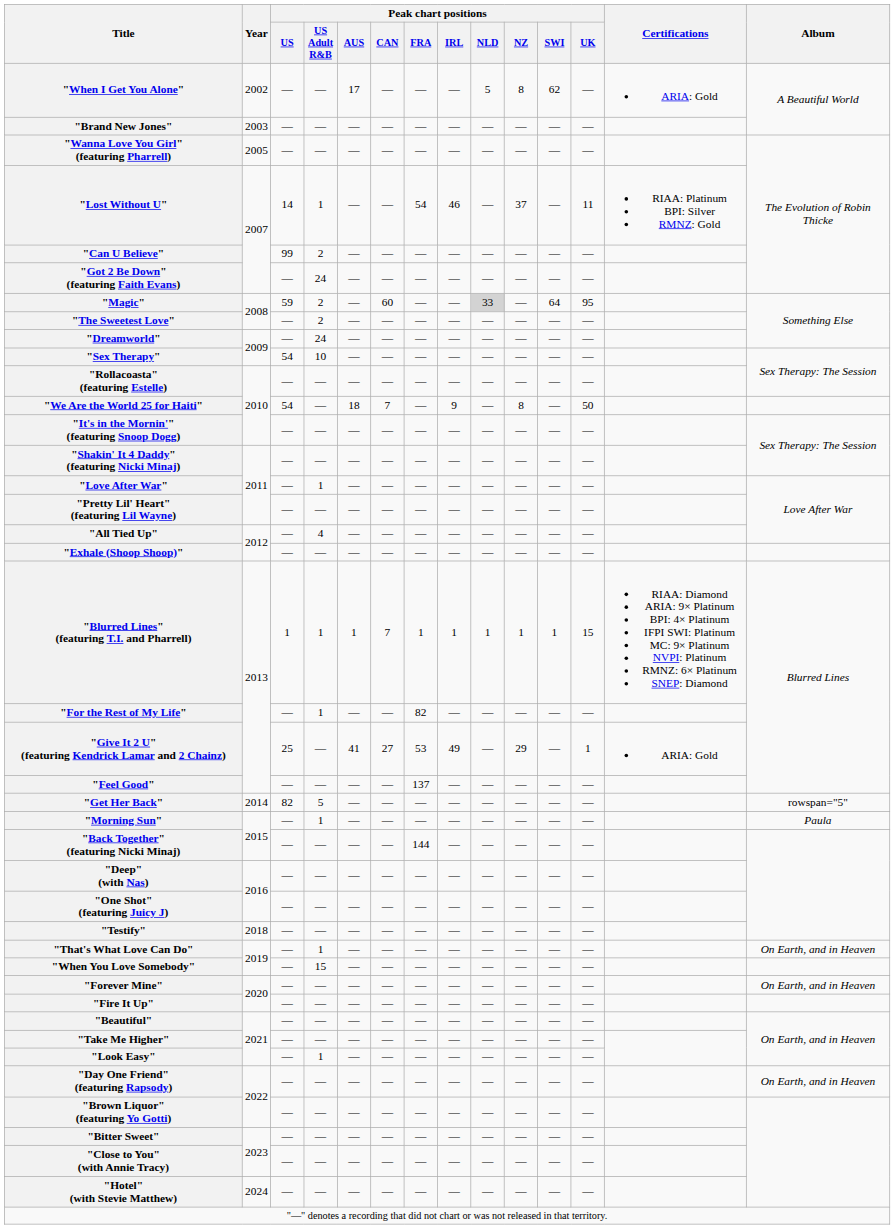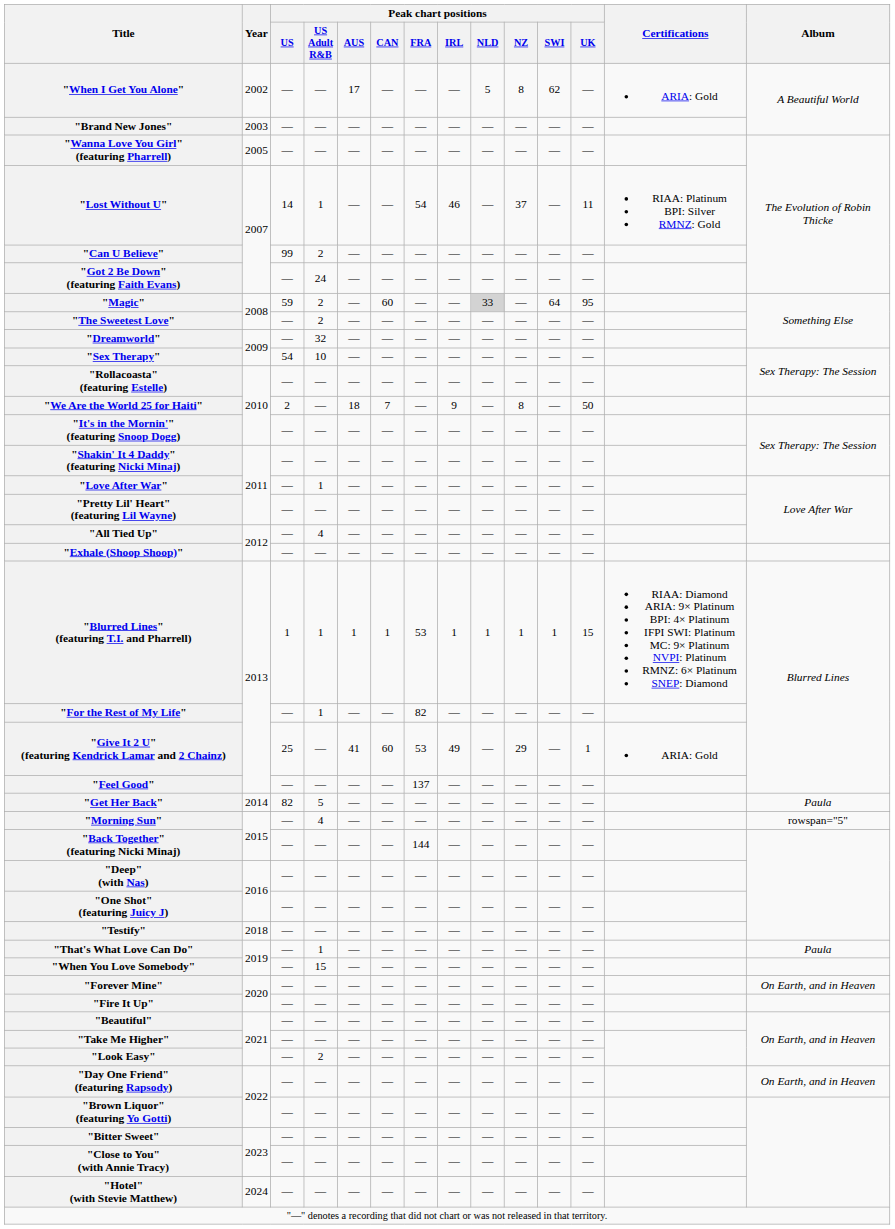 <table class="wikitable plainrowheaders" style="text-align:center;" border="1">
 <tr>
 <th scope="col" rowspan="2" style="width:20.5em;">Title</th>
 <th scope="col" rowspan="2">Year</th>
 <th scope="col" colspan="10">Peak chart positions</th>
 <th scope="col" rowspan="2" style="width:12em;"><a href='#'>Certifications</a></th>
 <th scope="col" rowspan="2">Album</th>
 </tr>
 <tr>
 <th scope="col" style="width:2.8em;font-size:90%;"><a href='#'>US</a><br></th>
 <th scope="col" style="width:2.8em;font-size:90%;"><a href='#'>US Adult R&B</a><br></th>
 <th scope="col" style="width:2.8em;font-size:90%;"><a href='#'>AUS</a><br></th>
 <th scope="col" style="width:2.8em;font-size:90%;"><a href='#'>CAN</a><br></th>
 <th scope="col" style="width:2.8em;font-size:90%;"><a href='#'>FRA</a><br></th>
 <th scope="col" style="width:2.8em;font-size:90%;"><a href='#'>IRL</a><br></th>
 <th scope="col" style="width:2.8em;font-size:90%;"><a href='#'>NLD</a><br></th>
 <th scope="col" style="width:2.8em;font-size:90%;"><a href='#'>NZ</a><br></th>
 <th scope="col" style="width:2.8em;font-size:90%;"><a href='#'>SWI</a><br></th>
 <th scope="col" style="width:2.8em;font-size:90%;"><a href='#'>UK</a><br></th>
 </tr>
 <tr>
 <th scope="row">"<a href='#'>When I Get You Alone</a>"</th>
 <td>2002</td>
 <td>—</td>
 <td>—</td>
 <td>17</td>
 <td>—</td>
 <td>—</td>
 <td>—</td>
 <td>5</td>
 <td>8</td>
 <td>62</td>
 <td>—</td>
 <td><br><ul><li><a href='#'>ARIA</a>: Gold</li></ul></td>
 <td rowspan="2"><em>A Beautiful World</em></td>
 </tr>
 <tr>
 <th scope="row">"Brand New Jones"</th>
 <td>2003</td>
 <td>—</td>
 <td>—</td>
 <td>—</td>
 <td>—</td>
 <td>—</td>
 <td>—</td>
 <td>—</td>
 <td>—</td>
 <td>—</td>
 <td>—</td>
 <td></td>
 </tr>
 <tr>
 <th scope="row">"<a href='#'>Wanna Love You Girl</a>"<br><span>(featuring <a href='#'>Pharrell</a>)</span></th>
 <td>2005</td>
 <td>—</td>
 <td>—</td>
 <td>—</td>
 <td>—</td>
 <td>—</td>
 <td>—</td>
 <td>—</td>
 <td>—</td>
 <td>—</td>
 <td>—</td>
 <td></td>
 <td rowspan="4"><em>The Evolution of Robin Thicke</em></td>
 </tr>
 <tr>
 <th scope="row">"<a href='#'>Lost Without U</a>"</th>
 <td rowspan="3">2007</td>
 <td>14</td>
 <td>1</td>
 <td>—</td>
 <td>—</td>
 <td>54</td>
 <td>46</td>
 <td>—</td>
 <td>37</td>
 <td>—</td>
 <td>11</td>
 <td><br><ul><li>RIAA: Platinum</li><li>BPI: Silver</li><li><a href='#'>RMNZ</a>: Gold</li></ul></td>
 </tr>
 <tr>
 <th scope="row">"<a href='#'>Can U Believe</a>"</th>
 <td>99</td>
 <td>2</td>
 <td>—</td>
 <td>—</td>
 <td>—</td>
 <td>—</td>
 <td>—</td>
 <td>—</td>
 <td>—</td>
 <td>—</td>
 <td></td>
 </tr>
 <tr>
 <th scope="row">"<a href='#'>Got 2 Be Down</a>"<br><span>(featuring <a href='#'>Faith Evans</a>)</span></th>
 <td>—</td>
 <td>24</td>
 <td>—</td>
 <td>—</td>
 <td>—</td>
 <td>—</td>
 <td>—</td>
 <td>—</td>
 <td>—</td>
 <td>—</td>
 <td></td>
 </tr>
 <tr>
 <th scope="row">"<a href='#'>Magic</a>"</th>
 <td rowspan="2">2008</td>
 <td>59</td>
 <td>2</td>
 <td>—</td>
 <td>60</td>
 <td>—</td>
 <td>—</td>
 <td style="background: lightgrey;">33</td>
 <td>—</td>
 <td>64</td>
 <td>95</td>
 <td></td>
 <td rowspan="3"><em>Something Else</em></td>
 </tr>
 <tr>
 <th scope="row">"<a href='#'>The Sweetest Love</a>"</th>
 <td>—</td>
 <td>2</td>
 <td>—</td>
 <td>—</td>
 <td>—</td>
 <td>—</td>
 <td>—</td>
 <td>—</td>
 <td>—</td>
 <td>—</td>
 <td></td>
 </tr>
 <tr>
 <th scope="row">"<a href='#'>Dreamworld</a>"</th>
 <td rowspan="2">2009</td>
 <td>—</td>
-<td>24</td>
+<td>32</td>
 <td>—</td>
 <td>—</td>
 <td>—</td>
 <td>—</td>
 <td>—</td>
 <td>—</td>
 <td>—</td>
 <td>—</td>
 <td></td>
 </tr>
 <tr>
 <th scope="row">"<a href='#'>Sex Therapy</a>"</th>
 <td>54</td>
 <td>10</td>
 <td>—</td>
 <td>—</td>
 <td>—</td>
 <td>—</td>
 <td>—</td>
 <td>—</td>
 <td>—</td>
 <td>—</td>
 <td></td>
 <td rowspan="2"><em>Sex Therapy: The Session</em></td>
 </tr>
 <tr>
 <th scope="row">"Rollacoasta"<br><span>(featuring <a href='#'>Estelle</a>)</span></th>
 <td rowspan="3">2010</td>
 <td>—</td>
 <td>—</td>
 <td>—</td>
 <td>—</td>
 <td>—</td>
 <td>—</td>
 <td>—</td>
 <td>—</td>
 <td>—</td>
 <td>—</td>
 <td></td>
 </tr>
 <tr>
 <th scope="row">"<a href='#'>We Are the World 25 for Haiti</a>"<br></th>
-<td>54</td>
+<td>2</td>
 <td>—</td>
 <td>18</td>
 <td>7</td>
 <td>—</td>
 <td>9</td>
 <td>—</td>
 <td>8</td>
 <td>—</td>
 <td>50</td>
 <td></td>
 <td></td>
 </tr>
 <tr>
 <th scope="row">"<a href='#'>It's in the Mornin'</a>"<br><span>(featuring <a href='#'>Snoop Dogg</a>)</span></th>
 <td>—</td>
 <td>—</td>
 <td>—</td>
 <td>—</td>
 <td>—</td>
 <td>—</td>
 <td>—</td>
 <td>—</td>
 <td>—</td>
 <td>—</td>
 <td></td>
 <td rowspan="2"><em>Sex Therapy: The Session</em></td>
 </tr>
 <tr>
 <th scope="row">"<a href='#'>Shakin' It 4 Daddy</a>"<br><span>(featuring <a href='#'>Nicki Minaj</a>)</span></th>
 <td rowspan="3">2011</td>
 <td>—</td>
 <td>—</td>
 <td>—</td>
 <td>—</td>
 <td>—</td>
 <td>—</td>
 <td>—</td>
 <td>—</td>
 <td>—</td>
 <td>—</td>
 <td></td>
 </tr>
 <tr>
 <th scope="row">"<a href='#'>Love After War</a>"</th>
 <td>—</td>
 <td>1</td>
 <td>—</td>
 <td>—</td>
 <td>—</td>
 <td>—</td>
 <td>—</td>
 <td>—</td>
 <td>—</td>
 <td>—</td>
 <td></td>
 <td rowspan="3"><em>Love After War</em></td>
 </tr>
 <tr>
 <th scope="row">"Pretty Lil' Heart"<br><span>(featuring <a href='#'>Lil Wayne</a>)</span></th>
 <td>—</td>
 <td>—</td>
 <td>—</td>
 <td>—</td>
 <td>—</td>
 <td>—</td>
 <td>—</td>
 <td>—</td>
 <td>—</td>
 <td>—</td>
 <td></td>
 </tr>
 <tr>
 <th scope="row">"All Tied Up"</th>
 <td rowspan="2">2012</td>
 <td>—</td>
 <td>4</td>
 <td>—</td>
 <td>—</td>
 <td>—</td>
 <td>—</td>
 <td>—</td>
 <td>—</td>
 <td>—</td>
 <td>—</td>
 <td></td>
 </tr>
 <tr>
 <th scope="row">"<a href='#'>Exhale (Shoop Shoop)</a>"</th>
 <td>—</td>
 <td>—</td>
 <td>—</td>
 <td>—</td>
 <td>—</td>
 <td>—</td>
 <td>—</td>
 <td>—</td>
 <td>—</td>
 <td>—</td>
 <td></td>
 <td></td>
 </tr>
 <tr>
 <th scope="row">"<a href='#'>Blurred Lines</a>"<br><span>(featuring <a href='#'>T.I.</a> and Pharrell)</span></th>
 <td rowspan="4">2013</td>
 <td>1</td>
 <td>1</td>
 <td>1</td>
-<td>7</td>
 <td>1</td>
+<td>53</td>
 <td>1</td>
 <td>1</td>
 <td>1</td>
 <td>1</td>
 <td>15</td>
 <td><br><ul><li>RIAA: Diamond</li><li>ARIA: 9× Platinum</li><li>BPI: 4× Platinum</li><li>IFPI SWI: Platinum</li><li>MC: 9× Platinum</li><li><a href='#'>NVPI</a>: Platinum</li><li>RMNZ: 6× Platinum</li><li><a href='#'>SNEP</a>: Diamond</li></ul></td>
 <td rowspan="4"><em>Blurred Lines</em></td>
 </tr>
 <tr>
 <th scope="row">"<a href='#'>For the Rest of My Life</a>"</th>
 <td>—</td>
 <td>1</td>
 <td>—</td>
 <td>—</td>
 <td>82</td>
 <td>—</td>
 <td>—</td>
 <td>—</td>
 <td>—</td>
 <td>—</td>
 <td></td>
 </tr>
 <tr>
 <th scope="row">"<a href='#'>Give It 2 U</a>"<br><span>(featuring <a href='#'>Kendrick Lamar</a> and <a href='#'>2 Chainz</a>)</span></th>
 <td>25</td>
 <td>—</td>
 <td>41</td>
-<td>27</td>
+<td>60</td>
 <td>53</td>
 <td>49</td>
 <td>—</td>
 <td>29</td>
 <td>—</td>
 <td>1</td>
 <td><br><ul><li>ARIA: Gold</li></ul></td>
 </tr>
 <tr>
 <th scope="row">"<a href='#'>Feel Good</a>"</th>
 <td>—</td>
 <td>—</td>
 <td>—</td>
 <td>—</td>
 <td>137</td>
 <td>—</td>
 <td>—</td>
 <td>—</td>
 <td>—</td>
 <td>—</td>
 <td></td>
 </tr>
 <tr>
 <th scope="row">"<a href='#'>Get Her Back</a>"</th>
 <td>2014</td>
 <td>82</td>
 <td>5</td>
 <td>—</td>
 <td>—</td>
 <td>—</td>
 <td>—</td>
 <td>—</td>
 <td>—</td>
 <td>—</td>
 <td>—</td>
 <td></td>
-<td>rowspan="5" </td>
+<td><em>Paula</em></td>
 </tr>
 <tr>
 <th scope="row">"<a href='#'>Morning Sun</a>"</th>
 <td rowspan="2">2015</td>
 <td>—</td>
-<td>1</td>
+<td>4</td>
 <td>—</td>
 <td>—</td>
 <td>—</td>
 <td>—</td>
 <td>—</td>
 <td>—</td>
 <td>—</td>
 <td>—</td>
 <td></td>
-<td><em>Paula</em></td>
+<td>rowspan="5" </td>
 </tr>
 <tr>
 <th scope="row">"<a href='#'>Back Together</a>"<br><span>(featuring Nicki Minaj)</span></th>
 <td>—</td>
 <td>—</td>
 <td>—</td>
 <td>—</td>
 <td>144</td>
 <td>—</td>
 <td>—</td>
 <td>—</td>
 <td>—</td>
 <td>—</td>
 <td></td>
 </tr>
 <tr>
 <th scope="row">"Deep"<br><span>(with <a href='#'>Nas</a>)</span></th>
 <td rowspan="2">2016</td>
 <td>—</td>
 <td>—</td>
 <td>—</td>
 <td>—</td>
 <td>—</td>
 <td>—</td>
 <td>—</td>
 <td>—</td>
 <td>—</td>
 <td>—</td>
 <td></td>
 </tr>
 <tr>
 <th scope="row">"One Shot"<br><span>(featuring <a href='#'>Juicy J</a>)</span></th>
 <td>—</td>
 <td>—</td>
 <td>—</td>
 <td>—</td>
 <td>—</td>
 <td>—</td>
 <td>—</td>
 <td>—</td>
 <td>—</td>
 <td>—</td>
 <td></td>
 </tr>
 <tr>
 <th scope="row">"Testify"</th>
 <td rowspan=>2018</td>
 <td>—</td>
 <td>—</td>
 <td>—</td>
 <td>—</td>
 <td>—</td>
 <td>—</td>
 <td>—</td>
 <td>—</td>
 <td>—</td>
 <td>—</td>
 <td></td>
 </tr>
 <tr>
 <th scope="row">"That's What Love Can Do"</th>
 <td rowspan="2">2019</td>
 <td>—</td>
 <td>1</td>
 <td>—</td>
 <td>—</td>
 <td>—</td>
 <td>—</td>
 <td>—</td>
 <td>—</td>
 <td>—</td>
 <td>—</td>
 <td></td>
-<td><em>On Earth, and in Heaven</em></td>
+<td><em>Paula</em></td>
 </tr>
 <tr>
 <th scope="row">"When You Love Somebody"</th>
 <td>—</td>
 <td>15</td>
 <td>—</td>
 <td>—</td>
 <td>—</td>
 <td>—</td>
 <td>—</td>
 <td>—</td>
 <td>—</td>
 <td>—</td>
 <td></td>
 <td></td>
 </tr>
 <tr>
 <th scope="row">"Forever Mine"</th>
 <td rowspan="2">2020</td>
 <td>—</td>
 <td>—</td>
 <td>—</td>
 <td>—</td>
 <td>—</td>
 <td>—</td>
 <td>—</td>
 <td>—</td>
 <td>—</td>
 <td>—</td>
 <td></td>
 <td><em>On Earth, and in Heaven</em></td>
 </tr>
 <tr>
 <th scope="row">"Fire It Up"</th>
 <td>—</td>
 <td>—</td>
 <td>—</td>
 <td>—</td>
 <td>—</td>
 <td>—</td>
 <td>—</td>
 <td>—</td>
 <td>—</td>
 <td>—</td>
 <td></td>
 <td></td>
 </tr>
 <tr>
 <th scope="row">"Beautiful"</th>
 <td rowspan="3">2021</td>
 <td>—</td>
 <td>—</td>
 <td>—</td>
 <td>—</td>
 <td>—</td>
 <td>—</td>
 <td>—</td>
 <td>—</td>
 <td>—</td>
 <td>—</td>
 <td></td>
 <td rowspan="3"><em>On Earth, and in Heaven</em></td>
 </tr>
 <tr>
 <th scope="row">"Take Me Higher"</th>
 <td>—</td>
 <td>—</td>
 <td>—</td>
 <td>—</td>
 <td>—</td>
 <td>—</td>
 <td>—</td>
 <td>—</td>
 <td>—</td>
 <td>—</td>
 </tr>
 <tr>
 <th scope="row">"Look Easy"</th>
 <td>—</td>
-<td>1</td>
+<td>2</td>
 <td>—</td>
 <td>—</td>
 <td>—</td>
 <td>—</td>
 <td>—</td>
 <td>—</td>
 <td>—</td>
 <td>—</td>
 </tr>
 <tr>
 <th scope="row">"Day One Friend"<br><span>(featuring <a href='#'>Rapsody</a>)</span></th>
 <td rowspan="2">2022</td>
 <td>—</td>
 <td>—</td>
 <td>—</td>
 <td>—</td>
 <td>—</td>
 <td>—</td>
 <td>—</td>
 <td>—</td>
 <td>—</td>
 <td>—</td>
 <td></td>
 <td><em>On Earth, and in Heaven</em></td>
 </tr>
 <tr>
 <th scope="row">"Brown Liquor"<br><span>(featuring <a href='#'>Yo Gotti</a>)</span></th>
 <td>—</td>
 <td>—</td>
 <td>—</td>
 <td>—</td>
 <td>—</td>
 <td>—</td>
 <td>—</td>
 <td>—</td>
 <td>—</td>
 <td>—</td>
 <td></td>
 </tr>
 <tr>
 <th scope="row">"Bitter Sweet"</th>
 <td rowspan="2">2023</td>
 <td>—</td>
 <td>—</td>
 <td>—</td>
 <td>—</td>
 <td>—</td>
 <td>—</td>
 <td>—</td>
 <td>—</td>
 <td>—</td>
 <td>—</td>
 <td></td>
 </tr>
 <tr>
 <th scope="row">"Close to You" <br><span>(with Annie Tracy)</span></th>
 <td>—</td>
 <td>—</td>
 <td>—</td>
 <td>—</td>
 <td>—</td>
 <td>—</td>
 <td>—</td>
 <td>—</td>
 <td>—</td>
 <td>—</td>
 <td></td>
 </tr>
 <tr>
 <th scope="row">"Hotel" <br><span>(with Stevie Matthew)</span></th>
 <td>2024</td>
 <td>—</td>
 <td>—</td>
 <td>—</td>
 <td>—</td>
 <td>—</td>
 <td>—</td>
 <td>—</td>
 <td>—</td>
 <td>—</td>
 <td>—</td>
 <td></td>
 </tr>
 <tr>
 <td colspan="15" style="font-size:90%">"—" denotes a recording that did not chart or was not released in that territory.</td>
 </tr>
 </table>
